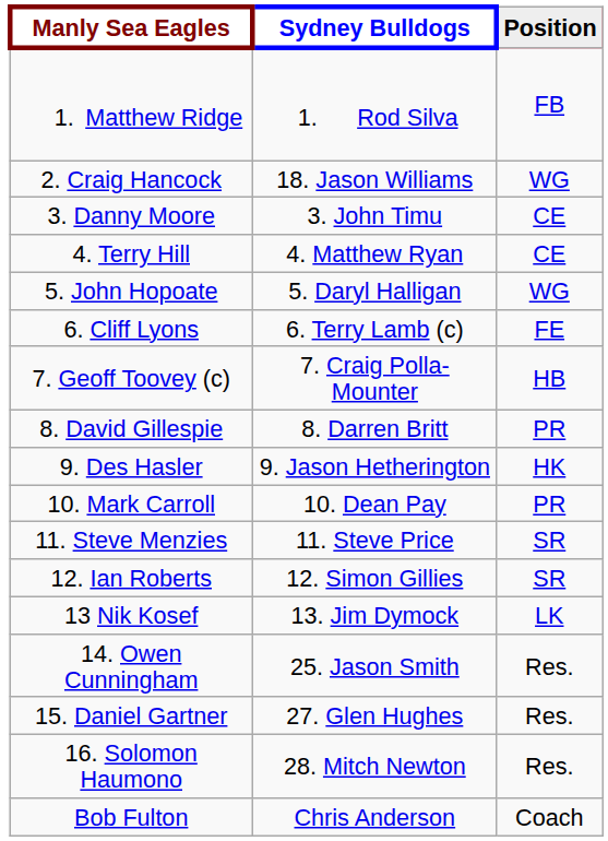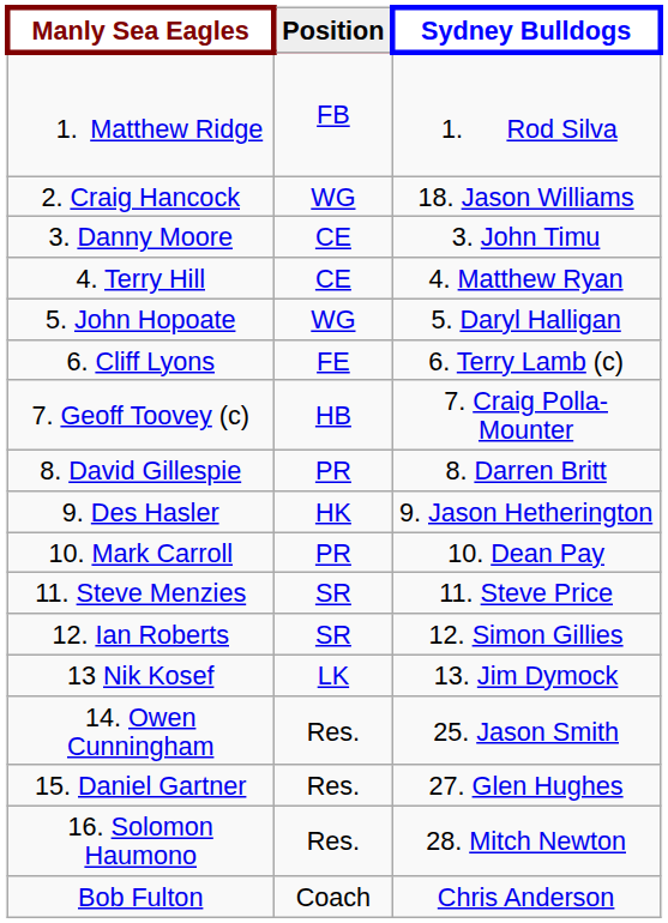 <table class="wikitable" style="float:right; font-size:90%; margin-left:1em;">
 <tr style="background:#f03;">
 <th style="width:140px; border:3px solid maroon; background: white; color: maroon">Manly Sea Eagles</th>
+<th style="width:40px; text-align:center; background:#eee; color:black;">Position</th>
 <th style="width:140px; border:3px solid blue; background: white; color: blue">Sydney Bulldogs</th>
-<th style="width:40px; text-align:center; background:#eee; color:black;">Position</th>
 </tr>
 <tr align=center>
 <td><br><ol><li><a href='#'>Matthew Ridge</a></li></ol></td>
+<td><a href='#'>FB</a></td>
 <td><br><ol><li><a href='#'>Rod Silva</a></li></ol></td>
-<td><a href='#'>FB</a></td>
 </tr>
 <tr align=center>
 <td>2. <a href='#'>Craig Hancock</a></td>
+<td><a href='#'>WG</a></td>
 <td>18. <a href='#'>Jason Williams</a></td>
-<td><a href='#'>WG</a></td>
 </tr>
 <tr align=center>
 <td>3. <a href='#'>Danny Moore</a></td>
+<td><a href='#'>CE</a></td>
 <td>3. <a href='#'>John Timu</a></td>
-<td><a href='#'>CE</a></td>
 </tr>
 <tr align=center>
 <td>4. <a href='#'>Terry Hill</a></td>
+<td><a href='#'>CE</a></td>
 <td>4. <a href='#'>Matthew Ryan</a></td>
-<td><a href='#'>CE</a></td>
 </tr>
 <tr align=center>
 <td>5. <a href='#'>John Hopoate</a></td>
+<td><a href='#'>WG</a></td>
 <td>5. <a href='#'>Daryl Halligan</a></td>
-<td><a href='#'>WG</a></td>
 </tr>
 <tr align=center>
 <td>6. <a href='#'>Cliff Lyons</a></td>
+<td><a href='#'>FE</a></td>
 <td>6. <a href='#'>Terry Lamb</a> (c)</td>
-<td><a href='#'>FE</a></td>
 </tr>
 <tr align=center>
 <td>7. <a href='#'>Geoff Toovey</a> (c)</td>
+<td><a href='#'>HB</a></td>
 <td>7. <a href='#'>Craig Polla-Mounter</a></td>
-<td><a href='#'>HB</a></td>
 </tr>
 <tr align=center>
 <td>8. <a href='#'>David Gillespie</a></td>
+<td><a href='#'>PR</a></td>
 <td>8. <a href='#'>Darren Britt</a></td>
-<td><a href='#'>PR</a></td>
 </tr>
 <tr align=center>
 <td>9. <a href='#'>Des Hasler</a></td>
+<td><a href='#'>HK</a></td>
 <td>9. <a href='#'>Jason Hetherington</a></td>
-<td><a href='#'>HK</a></td>
 </tr>
 <tr align=center>
 <td>10. <a href='#'>Mark Carroll</a></td>
+<td><a href='#'>PR</a></td>
 <td>10. <a href='#'>Dean Pay</a></td>
-<td><a href='#'>PR</a></td>
 </tr>
 <tr align=center>
 <td>11. <a href='#'>Steve Menzies</a></td>
+<td><a href='#'>SR</a></td>
 <td>11. <a href='#'>Steve Price</a></td>
-<td><a href='#'>SR</a></td>
 </tr>
 <tr align=center>
 <td>12. <a href='#'>Ian Roberts</a></td>
+<td><a href='#'>SR</a></td>
 <td>12. <a href='#'>Simon Gillies</a></td>
-<td><a href='#'>SR</a></td>
 </tr>
 <tr align=center>
 <td>13 <a href='#'>Nik Kosef</a></td>
+<td><a href='#'>LK</a></td>
 <td>13. <a href='#'>Jim Dymock</a></td>
-<td><a href='#'>LK</a></td>
 </tr>
 <tr align=center>
 <td>14. <a href='#'>Owen Cunningham</a></td>
+<td>Res.</td>
 <td>25. <a href='#'>Jason Smith</a></td>
-<td>Res.</td>
 </tr>
 <tr align=center>
 <td>15. <a href='#'>Daniel Gartner</a></td>
+<td>Res.</td>
 <td>27. <a href='#'>Glen Hughes</a></td>
-<td>Res.</td>
 </tr>
 <tr align=center>
 <td>16. <a href='#'>Solomon Haumono</a></td>
+<td>Res.</td>
 <td>28. <a href='#'>Mitch Newton</a></td>
-<td>Res.</td>
 </tr>
 <tr align=center>
 <td><a href='#'>Bob Fulton</a></td>
+<td>Coach</td>
 <td><a href='#'>Chris Anderson</a></td>
-<td>Coach</td>
 </tr>
 </table>
